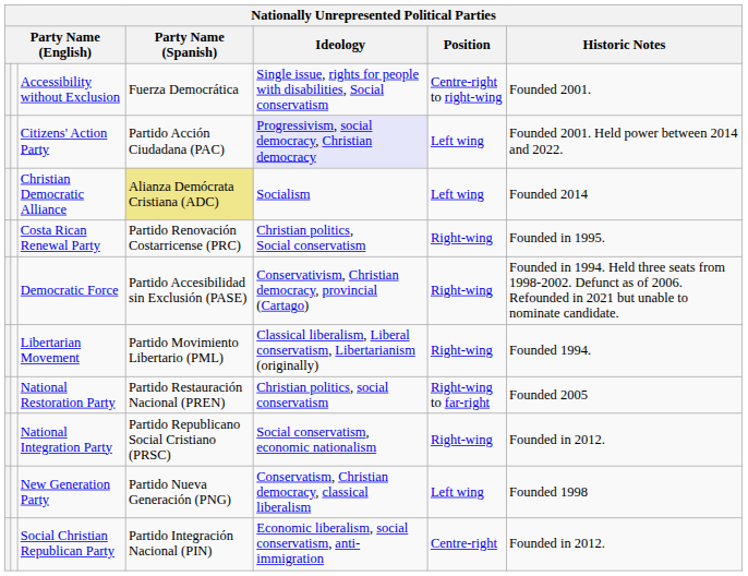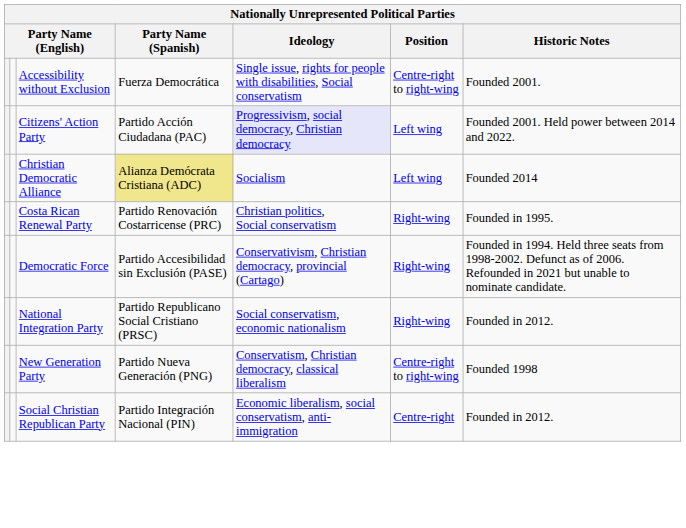 <table class="wikitable sortable collapsible">
 <tr>
 <th colspan="7"><strong>Nationally Unrepresented Political Parties</strong></th>
 </tr>
 <tr>
 <th colspan=3><strong>Party Name (English)</strong></th>
 <th><strong>Party Name (Spanish)</strong></th>
 <th><strong>Ideology</strong></th>
 <th><strong>Position</strong></th>
 <th><strong>Historic Notes</strong></th>
 </tr>
 <tr>
 <th style="background-color:"></th>
 <td></td>
 <td><a href='#'>Accessibility without Exclusion</a></td>
 <td>Fuerza Democrática</td>
 <td><a href='#'>Single issue</a>, <a href='#'>rights for people with disabilities</a>, <a href='#'>Social conservatism</a></td>
 <td><a href='#'>Centre-right</a> to <a href='#'>right-wing</a></td>
 <td>Founded 2001.</td>
 </tr>
 <tr>
 <th style="background-color: "></th>
 <td></td>
 <td><a href='#'>Citizens' Action Party</a><br></td>
 <td>Partido Acción Ciudadana (PAC)</td>
 <td style="background: lavender;"><a href='#'>Progressivism</a>, <a href='#'>social democracy</a>, <a href='#'>Christian democracy</a></td>
 <td><a href='#'>Left wing</a></td>
 <td>Founded 2001. Held power between 2014 and 2022.</td>
 </tr>
 <tr>
 <th style="background-color:"></th>
 <td></td>
 <td><a href='#'>Christian Democratic Alliance</a></td>
 <td style="background: khaki;">Alianza Demócrata Cristiana (ADC)</td>
 <td><a href='#'>Socialism</a></td>
 <td><a href='#'>Left wing</a></td>
 <td>Founded 2014</td>
 </tr>
 <tr>
 <th style="background-color:"></th>
 <td></td>
 <td><a href='#'>Costa Rican Renewal Party</a></td>
 <td>Partido Renovación Costarricense (PRC)</td>
 <td><a href='#'>Christian politics</a>,<br> <a href='#'>Social conservatism</a></td>
 <td><a href='#'>Right-wing</a></td>
 <td>Founded in 1995.</td>
 </tr>
 <tr>
 <th style="background-color:"></th>
 <td></td>
 <td><a href='#'>Democratic Force</a></td>
 <td>Partido Accesibilidad sin Exclusión (PASE)</td>
 <td><a href='#'>Conservativism</a>, <a href='#'>Christian democracy</a>, <a href='#'>provincial</a> (<a href='#'>Cartago</a>)</td>
 <td><a href='#'>Right-wing</a></td>
 <td>Founded in 1994. Held three seats from 1998-2002. Defunct as of 2006. Refounded in 2021 but unable to nominate candidate.</td>
 </tr>
 <tr>
-<th style="background-color:"></th>
-<td></td>
-<td><a href='#'>Libertarian Movement</a></td>
-<td>Partido Movimiento Libertario (PML)</td>
-<td><a href='#'>Classical liberalism</a>, <a href='#'>Liberal conservatism</a>, <a href='#'>Libertarianism</a> (originally)</td>
-<td><a href='#'>Right-wing</a></td>
-<td>Founded 1994.</td>
-</tr>
-<tr>
-<th style="background-color: "></th>
-<td></td>
-<td><a href='#'>National Restoration Party</a></td>
-<td>Partido Restauración Nacional (PREN)</td>
-<td><a href='#'>Christian politics</a>, <a href='#'>social conservatism</a></td>
-<td><a href='#'>Right-wing</a> to <a href='#'>far-right</a></td>
-<td>Founded 2005</td>
-</tr>
-<tr>
 <th style="background-color: "></th>
 <td></td>
 <td><a href='#'>National Integration Party</a></td>
 <td>Partido Republicano Social Cristiano (PRSC)</td>
 <td><a href='#'>Social conservatism</a>, <a href='#'>economic nationalism</a></td>
 <td><a href='#'>Right-wing</a></td>
 <td>Founded in 2012.</td>
 </tr>
 <tr>
 <th style="background-color: "></th>
 <td></td>
 <td><a href='#'>New Generation Party</a></td>
 <td>Partido Nueva Generación (PNG)</td>
 <td><a href='#'>Conservatism</a>, <a href='#'>Christian democracy</a>, <a href='#'>classical liberalism</a></td>
-<td><a href='#'>Left wing</a></td>
+<td><a href='#'>Centre-right</a> to <a href='#'>right-wing</a></td>
 <td>Founded 1998</td>
 </tr>
 <tr>
 <th style="background-color: "></th>
 <td></td>
 <td><a href='#'>Social Christian Republican Party</a></td>
 <td>Partido Integración Nacional (PIN)</td>
 <td><a href='#'>Economic liberalism</a>, <a href='#'>social conservatism</a>, <a href='#'>anti-immigration</a></td>
 <td><a href='#'>Centre-right</a></td>
 <td>Founded in 2012.</td>
 </tr>
 </table>
